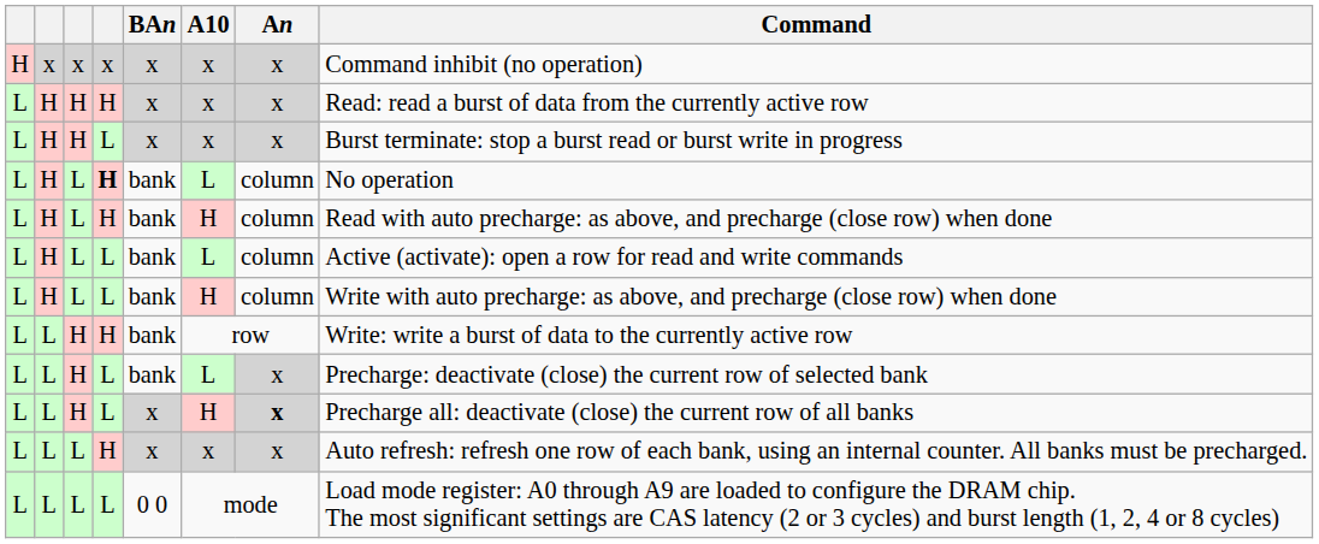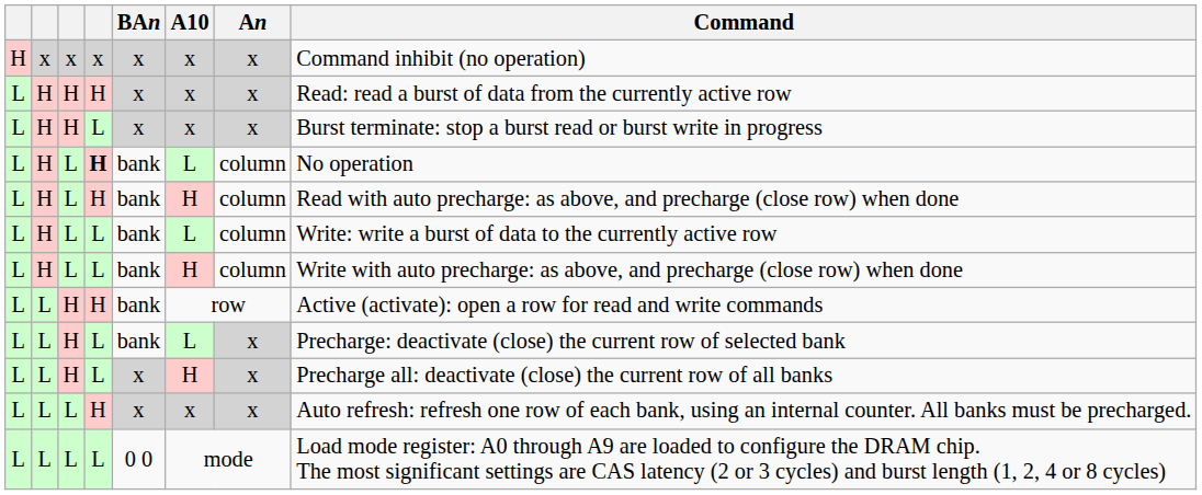 <table class="wikitable" style="text-align:center">
 <tr>
 <th></th>
 <th></th>
 <th></th>
 <th></th>
 <th>BA<em>n</em></th>
 <th>A10</th>
 <th>A<em>n</em></th>
 <th>Command</th>
 </tr>
 <tr>
 <td bgcolor=#ffcccc>H</td>
 <td bgcolor=lightgrey>x</td>
 <td bgcolor=lightgrey>x</td>
 <td bgcolor=lightgrey>x</td>
 <td bgcolor=lightgrey>x</td>
 <td bgcolor=lightgrey>x</td>
 <td bgcolor=lightgrey>x</td>
 <td align="left">Command inhibit (no operation)</td>
 </tr>
 <tr>
 <td bgcolor=#ccffcc>L</td>
 <td bgcolor=#ffcccc>H</td>
 <td bgcolor=#ffcccc>H</td>
 <td bgcolor=#ffcccc>H</td>
 <td bgcolor=lightgrey>x</td>
 <td bgcolor=lightgrey>x</td>
 <td bgcolor=lightgrey>x</td>
 <td align="left">Read: read a burst of data from the currently active row</td>
 </tr>
 <tr>
 <td bgcolor=#ccffcc>L</td>
 <td bgcolor=#ffcccc>H</td>
 <td bgcolor=#ffcccc>H</td>
 <td bgcolor=#ccffcc>L</td>
 <td bgcolor=lightgrey>x</td>
 <td bgcolor=lightgrey>x</td>
 <td bgcolor=lightgrey>x</td>
 <td align="left">Burst terminate: stop a burst read or burst write in progress</td>
 </tr>
 <tr>
 <td bgcolor=#ccffcc>L</td>
 <td bgcolor=#ffcccc>H</td>
 <td bgcolor=#ccffcc>L</td>
 <td bgcolor=#ffcccc><strong>H</strong></td>
 <td>bank</td>
 <td bgcolor=#ccffcc>L</td>
 <td>column</td>
 <td align="left">No operation</td>
 </tr>
 <tr>
 <td bgcolor=#ccffcc>L</td>
 <td bgcolor=#ffcccc>H</td>
 <td bgcolor=#ccffcc>L</td>
 <td bgcolor=#ffcccc>H</td>
 <td>bank</td>
 <td bgcolor=#ffcccc>H</td>
 <td>column</td>
 <td align="left">Read with auto precharge: as above, and precharge (close row) when done</td>
 </tr>
 <tr>
 <td bgcolor=#ccffcc>L</td>
 <td bgcolor=#ffcccc>H</td>
 <td bgcolor=#ccffcc>L</td>
 <td bgcolor=#ccffcc>L</td>
 <td>bank</td>
 <td bgcolor=#ccffcc>L</td>
 <td>column</td>
-<td align="left">Active (activate): open a row for read and write commands</td>
+<td align="left">Write: write a burst of data to the currently active row</td>
 </tr>
 <tr>
 <td bgcolor=#ccffcc>L</td>
 <td bgcolor=#ffcccc>H</td>
 <td bgcolor=#ccffcc>L</td>
 <td bgcolor=#ccffcc>L</td>
 <td>bank</td>
 <td bgcolor=#ffcccc>H</td>
 <td>column</td>
 <td align="left">Write with auto precharge: as above, and precharge (close row) when done</td>
 </tr>
 <tr>
 <td bgcolor=#ccffcc>L</td>
 <td bgcolor=#ccffcc>L</td>
 <td bgcolor=#ffcccc>H</td>
 <td bgcolor=#ffcccc>H</td>
 <td>bank</td>
 <td colspan="2">row</td>
-<td align="left">Write: write a burst of data to the currently active row</td>
+<td align="left">Active (activate): open a row for read and write commands</td>
 </tr>
 <tr>
 <td bgcolor=#ccffcc>L</td>
 <td bgcolor=#ccffcc>L</td>
 <td bgcolor=#ffcccc>H</td>
 <td bgcolor=#ccffcc>L</td>
 <td>bank</td>
 <td bgcolor=#ccffcc>L</td>
 <td bgcolor=lightgrey>x</td>
 <td align="left">Precharge: deactivate (close) the current row of selected bank</td>
 </tr>
 <tr>
 <td bgcolor=#ccffcc>L</td>
 <td bgcolor=#ccffcc>L</td>
 <td bgcolor=#ffcccc>H</td>
 <td bgcolor=#ccffcc>L</td>
 <td bgcolor=lightgrey>x</td>
 <td bgcolor=#ffcccc>H</td>
-<td bgcolor=lightgrey><strong>x</strong></td>
+<td bgcolor=lightgrey>x</td>
 <td align="left">Precharge all: deactivate (close) the current row of all banks</td>
 </tr>
 <tr>
 <td bgcolor=#ccffcc>L</td>
 <td bgcolor=#ccffcc>L</td>
 <td bgcolor=#ccffcc>L</td>
 <td bgcolor=#ffcccc>H</td>
 <td bgcolor=lightgrey>x</td>
 <td bgcolor=lightgrey>x</td>
 <td bgcolor=lightgrey>x</td>
 <td align="left">Auto refresh: refresh one row of each bank, using an internal counter. All banks must be precharged.</td>
 </tr>
 <tr>
 <td bgcolor=#ccffcc>L</td>
 <td bgcolor=#ccffcc>L</td>
 <td bgcolor=#ccffcc>L</td>
 <td bgcolor=#ccffcc>L</td>
 <td>0 0</td>
 <td colspan="2">mode</td>
 <td align="left">Load mode register: A0 through A9 are loaded to configure the DRAM chip.<br>The most significant settings are CAS latency (2 or 3 cycles) and burst length (1, 2, 4 or 8 cycles)</td>
 </tr>
 </table>
